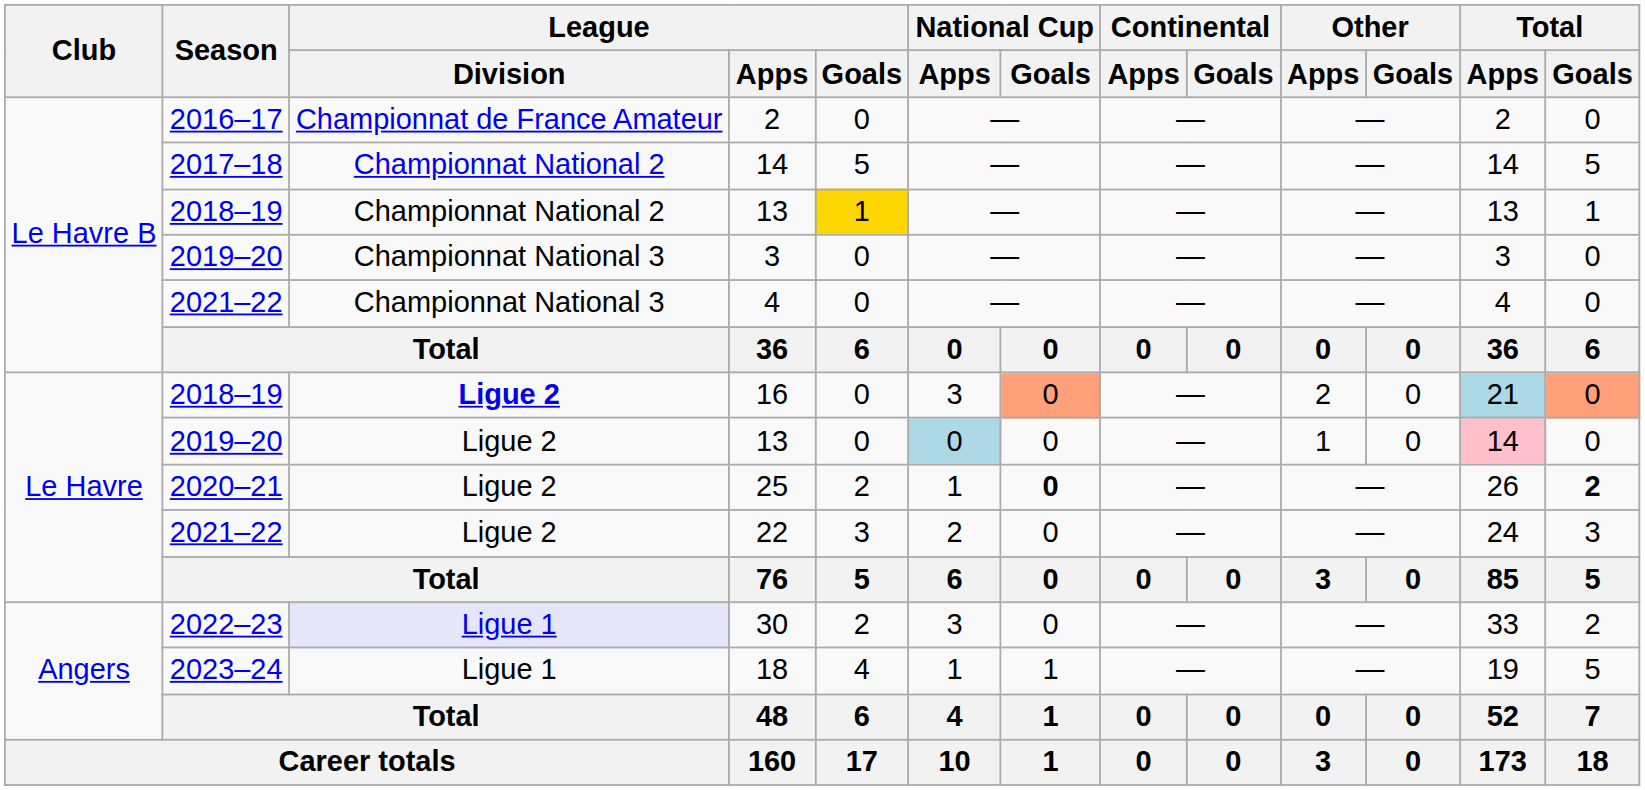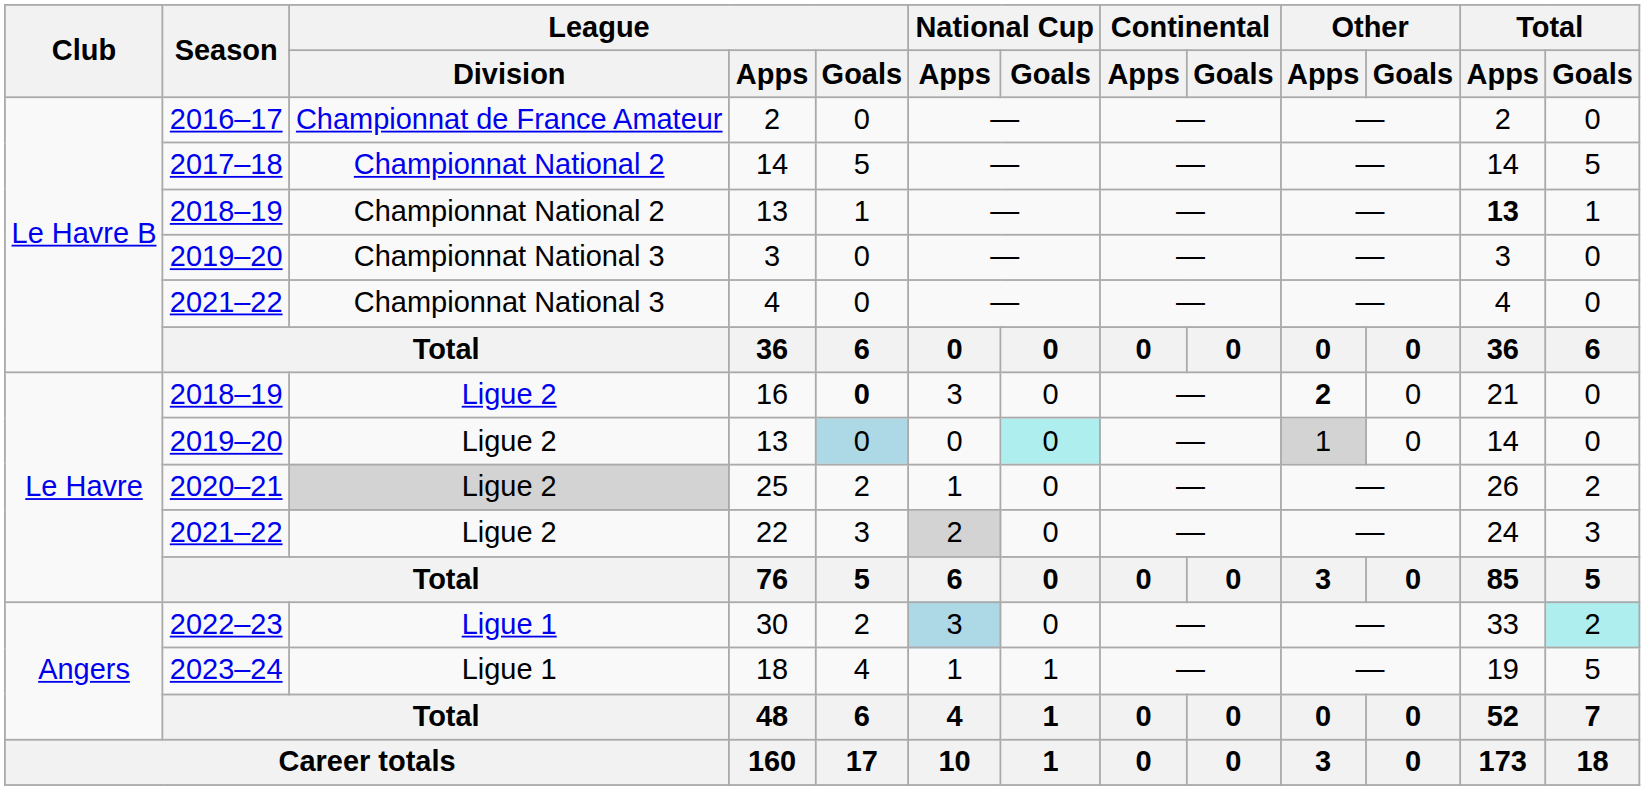 <table class="wikitable" style="text-align:center">
 <tr>
 <th rowspan="2">Club</th>
 <th rowspan="2">Season</th>
 <th colspan="3">League</th>
 <th colspan="2">National Cup</th>
 <th colspan="2">Continental</th>
 <th colspan="2">Other</th>
 <th colspan="2">Total</th>
 </tr>
 <tr>
 <th>Division</th>
 <th>Apps</th>
 <th>Goals</th>
 <th>Apps</th>
 <th>Goals</th>
 <th>Apps</th>
 <th>Goals</th>
 <th>Apps</th>
 <th>Goals</th>
 <th>Apps</th>
 <th>Goals</th>
 </tr>
 <tr>
 <td rowspan="6"><a href='#'>Le Havre B</a></td>
 <td><a href='#'>2016–17</a></td>
 <td><a href='#'>Championnat de France Amateur</a></td>
 <td>2</td>
 <td>0</td>
 <td colspan="2">—</td>
 <td colspan="2">—</td>
 <td colspan="2">—</td>
 <td>2</td>
 <td>0</td>
 </tr>
 <tr>
 <td><a href='#'>2017–18</a></td>
 <td><a href='#'>Championnat National 2</a></td>
 <td>14</td>
 <td>5</td>
 <td colspan="2">—</td>
 <td colspan="2">—</td>
 <td colspan="2">—</td>
 <td>14</td>
 <td>5</td>
 </tr>
 <tr>
 <td><a href='#'>2018–19</a></td>
 <td>Championnat National 2</td>
 <td>13</td>
-<td style="background: gold;">1</td>
+<td>1</td>
 <td colspan="2">—</td>
 <td colspan="2">—</td>
 <td colspan="2">—</td>
-<td>13</td>
+<td><strong>13</strong></td>
 <td>1</td>
 </tr>
 <tr>
 <td><a href='#'>2019–20</a></td>
 <td>Championnat National 3</td>
 <td>3</td>
 <td>0</td>
 <td colspan="2">—</td>
 <td colspan="2">—</td>
 <td colspan="2">—</td>
 <td>3</td>
 <td>0</td>
 </tr>
 <tr>
 <td><a href='#'>2021–22</a></td>
 <td>Championnat National 3</td>
 <td>4</td>
 <td>0</td>
 <td colspan="2">—</td>
 <td colspan="2">—</td>
 <td colspan="2">—</td>
 <td>4</td>
 <td>0</td>
 </tr>
 <tr>
 <th colspan="2">Total</th>
 <th>36</th>
 <th>6</th>
 <th>0</th>
 <th>0</th>
 <th>0</th>
 <th>0</th>
 <th>0</th>
 <th>0</th>
 <th>36</th>
 <th>6</th>
 </tr>
 <tr>
 <td rowspan="5"><a href='#'>Le Havre</a></td>
 <td><a href='#'>2018–19</a></td>
-<td><strong><a href='#'>Ligue 2</a></strong></td>
+<td><a href='#'>Ligue 2</a></td>
 <td>16</td>
+<td><strong>0</strong></td>
+<td>3</td>
 <td>0</td>
-<td>3</td>
-<td style="background: lightsalmon;">0</td>
 <td colspan="2">—</td>
-<td>2</td>
+<td><strong>2</strong></td>
 <td>0</td>
-<td style="background: lightblue;">21</td>
-<td style="background: lightsalmon;">0</td>
+<td>21</td>
+<td>0</td>
 </tr>
 <tr>
 <td><a href='#'>2019–20</a></td>
 <td>Ligue 2</td>
 <td>13</td>
-<td>0</td>
 <td style="background: lightblue;">0</td>
 <td>0</td>
+<td style="background: paleturquoise;">0</td>
 <td colspan="2">—</td>
-<td>1</td>
+<td style="background: lightgrey;">1</td>
 <td>0</td>
-<td style="background: pink;">14</td>
+<td>14</td>
 <td>0</td>
 </tr>
 <tr>
 <td><a href='#'>2020–21</a></td>
-<td>Ligue 2</td>
+<td style="background: lightgrey;">Ligue 2</td>
 <td>25</td>
 <td>2</td>
 <td>1</td>
-<td><strong>0</strong></td>
+<td>0</td>
 <td colspan="2">—</td>
 <td colspan="2">—</td>
 <td>26</td>
-<td><strong>2</strong></td>
+<td>2</td>
 </tr>
 <tr>
 <td><a href='#'>2021–22</a></td>
 <td>Ligue 2</td>
 <td>22</td>
 <td>3</td>
-<td>2</td>
+<td style="background: lightgrey;">2</td>
 <td>0</td>
 <td colspan="2">—</td>
 <td colspan="2">—</td>
 <td>24</td>
 <td>3</td>
 </tr>
 <tr>
 <th colspan="2">Total</th>
 <th>76</th>
 <th>5</th>
 <th>6</th>
 <th>0</th>
 <th>0</th>
 <th>0</th>
 <th>3</th>
 <th>0</th>
 <th>85</th>
 <th>5</th>
 </tr>
 <tr>
 <td rowspan="3"><a href='#'>Angers</a></td>
 <td><a href='#'>2022–23</a></td>
-<td style="background: lavender;"><a href='#'>Ligue 1</a></td>
+<td><a href='#'>Ligue 1</a></td>
 <td>30</td>
 <td>2</td>
-<td>3</td>
+<td style="background: lightblue;">3</td>
 <td>0</td>
 <td colspan="2">—</td>
 <td colspan="2">—</td>
 <td>33</td>
-<td>2</td>
+<td style="background: paleturquoise;">2</td>
 </tr>
 <tr>
 <td><a href='#'>2023–24</a></td>
 <td>Ligue 1</td>
 <td>18</td>
 <td>4</td>
 <td>1</td>
 <td>1</td>
 <td colspan="2">—</td>
 <td colspan="2">—</td>
 <td>19</td>
 <td>5</td>
 </tr>
 <tr>
 <th colspan="2">Total</th>
 <th>48</th>
 <th>6</th>
 <th>4</th>
 <th>1</th>
 <th>0</th>
 <th>0</th>
 <th>0</th>
 <th>0</th>
 <th>52</th>
 <th>7</th>
 </tr>
 <tr>
 <th colspan="3">Career totals</th>
 <th>160</th>
 <th>17</th>
 <th>10</th>
 <th>1</th>
 <th>0</th>
 <th>0</th>
 <th>3</th>
 <th>0</th>
 <th>173</th>
 <th>18</th>
 </tr>
 </table>
